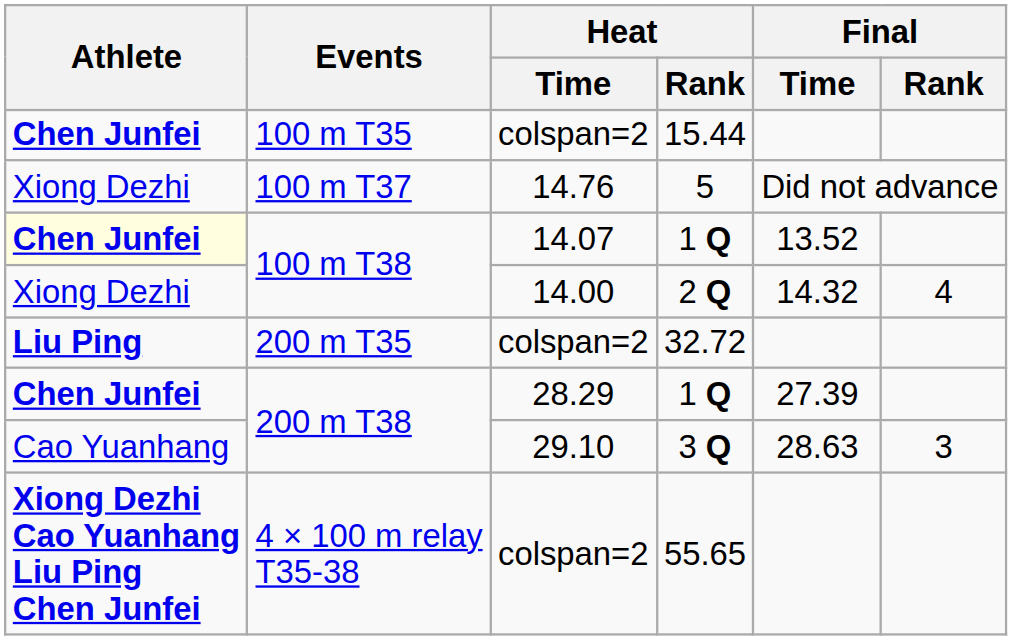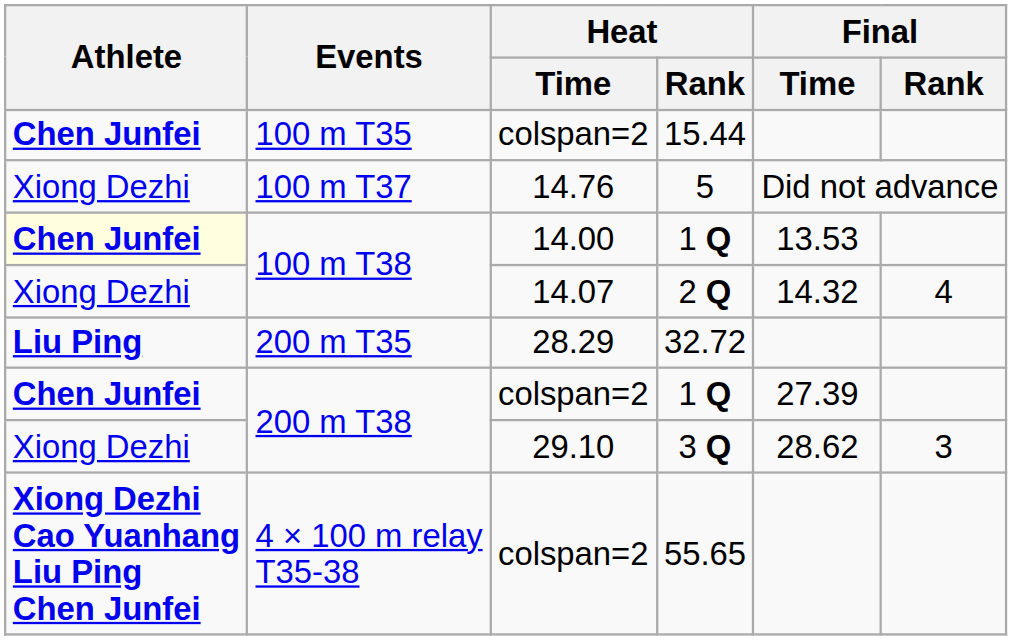 <table class=wikitable style="text-align: center; font-size:90%">
 <tr>
 <th rowspan="2">Athlete</th>
 <th rowspan="2">Events</th>
 <th colspan="2">Heat</th>
 <th colspan="2">Final</th>
 </tr>
 <tr>
 <th>Time</th>
 <th>Rank</th>
 <th>Time</th>
 <th>Rank</th>
 </tr>
 <tr>
 <td align=left><strong><a href='#'>Chen Junfei</a></strong></td>
 <td align=left><a href='#'>100 m T35</a></td>
 <td>colspan=2 </td>
 <td>15.44 </td>
 <td></td>
 </tr>
 <tr>
 <td align=left><a href='#'>Xiong Dezhi</a></td>
 <td align=left><a href='#'>100 m T37</a></td>
 <td>14.76 </td>
 <td>5</td>
 <td colspan=2>Did not advance</td>
 </tr>
 <tr>
 <td align=left style="background: lightyellow;"><strong><a href='#'>Chen Junfei</a></strong></td>
 <td align=left rowspan=2><a href='#'>100 m T38</a></td>
-<td>14.07</td>
+<td>14.00</td>
 <td>1 <strong>Q</strong></td>
-<td>13.52 </td>
+<td>13.53 </td>
 <td></td>
 </tr>
 <tr>
 <td align=left><a href='#'>Xiong Dezhi</a></td>
-<td>14.00</td>
+<td>14.07</td>
 <td>2 <strong>Q</strong></td>
 <td>14.32</td>
 <td>4</td>
 </tr>
 <tr>
 <td align=left><strong><a href='#'>Liu Ping</a></strong></td>
 <td align=left><a href='#'>200 m T35</a></td>
-<td>colspan=2 </td>
+<td>28.29</td>
 <td>32.72</td>
 <td></td>
 </tr>
 <tr>
 <td align=left><strong><a href='#'>Chen Junfei</a></strong></td>
 <td align=left rowspan=2><a href='#'>200 m T38</a></td>
-<td>28.29</td>
+<td>colspan=2 </td>
 <td>1 <strong>Q</strong></td>
 <td>27.39 </td>
 <td></td>
 </tr>
 <tr>
-<td align=left><a href='#'>Cao Yuanhang</a></td>
+<td align=left><a href='#'>Xiong Dezhi</a></td>
 <td>29.10</td>
 <td>3 <strong>Q</strong></td>
-<td>28.63</td>
+<td>28.62</td>
 <td>3</td>
 </tr>
 <tr>
 <td align=left><strong><a href='#'>Xiong Dezhi</a><br><a href='#'>Cao Yuanhang</a><br><a href='#'>Liu Ping</a><br><a href='#'>Chen Junfei</a></strong></td>
 <td align=left><a href='#'>4 × 100 m relay<br>T35-38</a></td>
 <td>colspan=2 </td>
 <td>55.65 </td>
 <td></td>
 </tr>
 </table>
